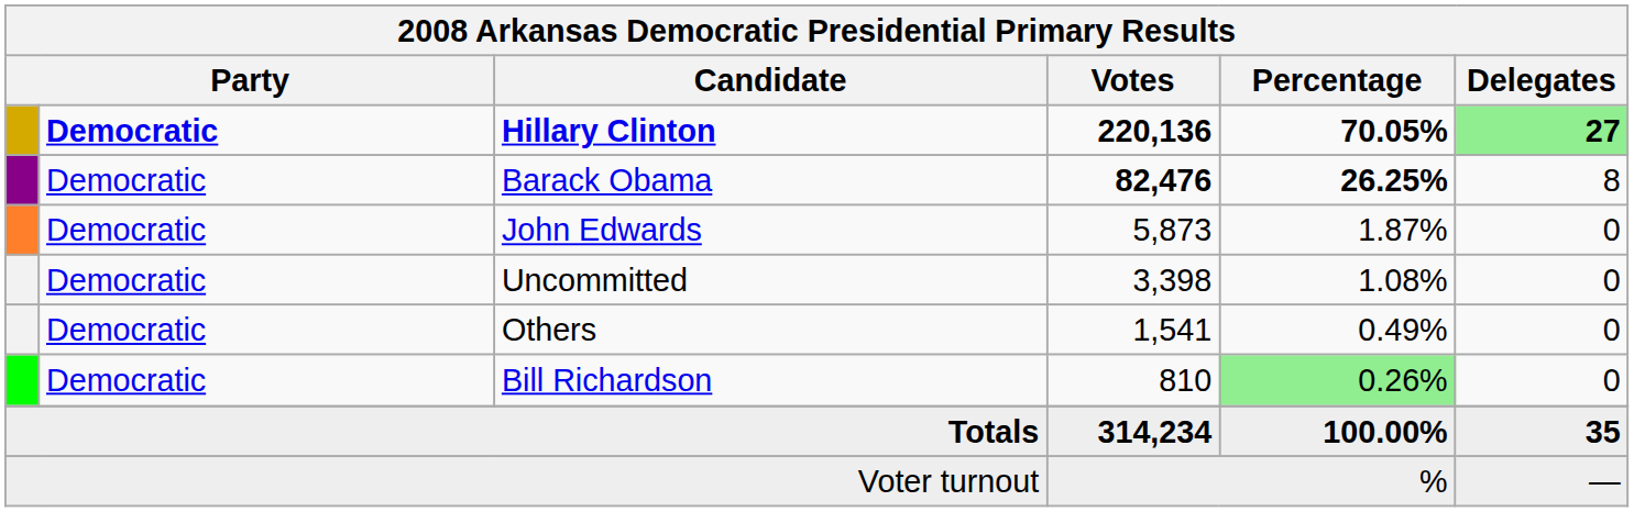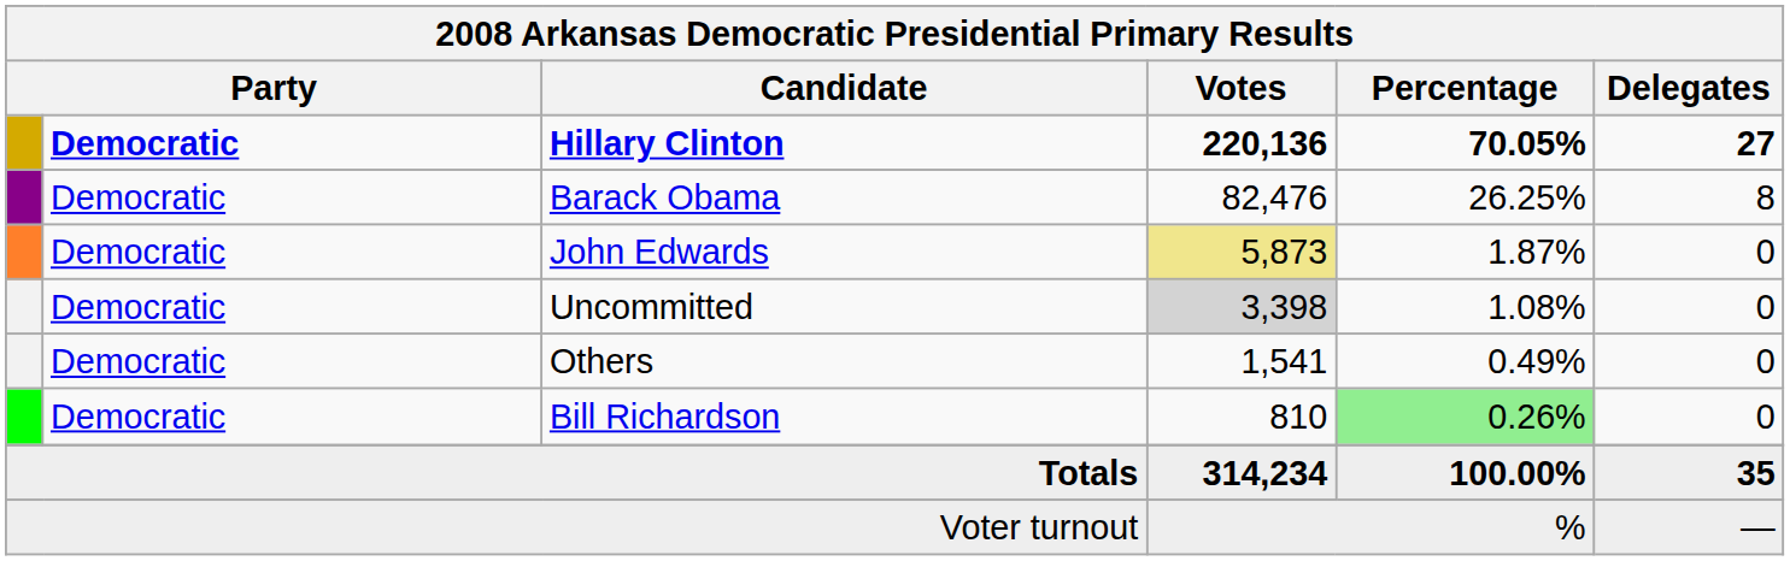 <table class="wikitable" style="font-size:95%;">
 <tr>
 <th colspan="7">2008 Arkansas Democratic Presidential Primary Results</th>
 </tr>
 <tr>
 <th colspan="2" style="width: 15em">Party</th>
 <th style="width: 17em">Candidate</th>
 <th style="width: 5em">Votes</th>
 <th style="width: 7em">Percentage</th>
 <th style="width: 5em">Delegates</th>
 </tr>
 <tr>
 <th style="background-color:#D4AA00; width: 3px"></th>
 <td style="width: 130px"><strong><a href='#'>Democratic</a></strong></td>
 <td><strong><a href='#'>Hillary Clinton</a></strong></td>
 <td align="right"><strong>220,136</strong></td>
 <td align="right"><strong>70.05%</strong></td>
-<td align="right" style="background: lightgreen;"><strong>27</strong></td>
+<td align="right"><strong>27</strong></td>
 </tr>
 <tr>
 <th style="background-color:#880088; width: 3px"></th>
 <td style="width: 130px"><a href='#'>Democratic</a></td>
 <td><a href='#'>Barack Obama</a></td>
-<td align="right"><strong>82,476</strong></td>
-<td align="right"><strong>26.25%</strong></td>
+<td align="right">82,476</td>
+<td align="right">26.25%</td>
 <td align="right">8</td>
 </tr>
 <tr>
 <th style="background-color:#ff7f2a; width: 3px"></th>
 <td style="width: 130px"><a href='#'>Democratic</a></td>
 <td><a href='#'>John Edwards</a></td>
-<td align="right">5,873</td>
+<td align="right" style="background: khaki;">5,873</td>
 <td align="right">1.87%</td>
 <td align="right">0</td>
 </tr>
 <tr>
 <th></th>
 <td style="width: 130px"><a href='#'>Democratic</a></td>
 <td>Uncommitted</td>
-<td align="right">3,398</td>
+<td align="right" style="background: lightgrey;">3,398</td>
 <td align="right">1.08%</td>
 <td align="right">0</td>
 </tr>
 <tr>
 <th></th>
 <td style="width: 130px"><a href='#'>Democratic</a></td>
 <td>Others</td>
 <td align="right">1,541</td>
 <td align="right">0.49%</td>
 <td align="right">0</td>
 </tr>
 <tr>
 <th style="background-color:#00FF00; width: 3px"></th>
 <td style="width: 130px"><a href='#'>Democratic</a></td>
 <td><a href='#'>Bill Richardson</a></td>
 <td align="right">810</td>
 <td align="right" style="background: lightgreen;">0.26%</td>
 <td align="right">0</td>
 </tr>
 <tr>
 </tr>
 <tr bgcolor="#EEEEEE">
 <td colspan="3" align="right"><strong>Totals</strong></td>
 <td align="right"><strong>314,234</strong></td>
 <td align="right"><strong>100.00%</strong></td>
 <td align="right"><strong>35</strong></td>
 </tr>
 <tr bgcolor="#EEEEEE">
 <td colspan="3" align="right">Voter turnout</td>
 <td colspan="2" align="right">%</td>
 <td align="right">—</td>
 </tr>
 </table>
